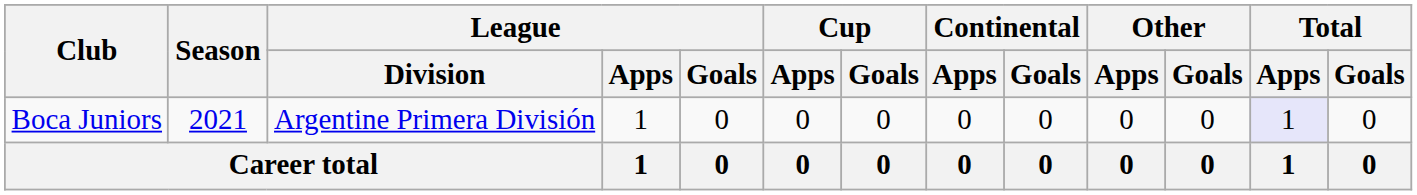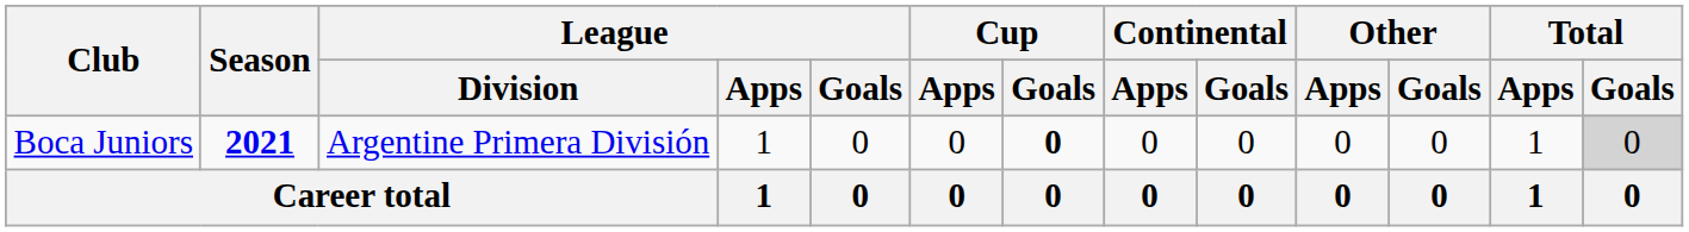 <table class="wikitable" style="text-align: center">
 <tr>
 <th rowspan="2">Club</th>
 <th rowspan="2">Season</th>
 <th colspan="3">League</th>
 <th colspan="2">Cup</th>
 <th colspan="2">Continental</th>
 <th colspan="2">Other</th>
 <th colspan="2">Total</th>
 </tr>
 <tr>
 <th>Division</th>
 <th>Apps</th>
 <th>Goals</th>
 <th>Apps</th>
 <th>Goals</th>
 <th>Apps</th>
 <th>Goals</th>
 <th>Apps</th>
 <th>Goals</th>
 <th>Apps</th>
 <th>Goals</th>
 </tr>
 <tr>
 <td><a href='#'>Boca Juniors</a></td>
-<td><a href='#'>2021</a></td>
+<td><strong><a href='#'>2021</a></strong></td>
 <td><a href='#'>Argentine Primera División</a></td>
 <td>1</td>
 <td>0</td>
 <td>0</td>
+<td><strong>0</strong></td>
 <td>0</td>
 <td>0</td>
 <td>0</td>
 <td>0</td>
-<td>0</td>
-<td style="background: lavender;">1</td>
-<td>0</td>
+<td>1</td>
+<td style="background: lightgrey;">0</td>
 </tr>
 <tr>
 <th colspan=3>Career total</th>
 <th>1</th>
 <th>0</th>
 <th>0</th>
 <th>0</th>
 <th>0</th>
 <th>0</th>
 <th>0</th>
 <th>0</th>
 <th>1</th>
 <th>0</th>
 </tr>
 </table>
